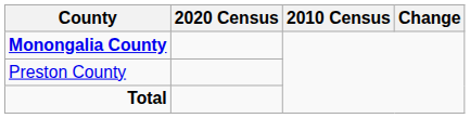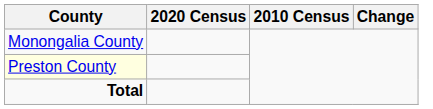 <table class="wikitable sortable">
 <tr>
 <th>County</th>
 <th>2020 Census</th>
 <th>2010 Census</th>
 <th>Change</th>
 </tr>
 <tr>
-<td><strong><a href='#'>Monongalia County</a></strong></td>
+<td><a href='#'>Monongalia County</a></td>
 <td></td>
 </tr>
 <tr>
-<td><a href='#'>Preston County</a></td>
+<td style="background: lightyellow;"><a href='#'>Preston County</a></td>
 <td></td>
 </tr>
 <tr class=sortbottom>
 <td align=right><strong>Total</strong></td>
 <td></td>
 </tr>
 </table>
